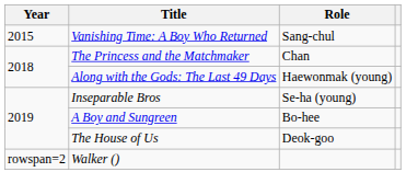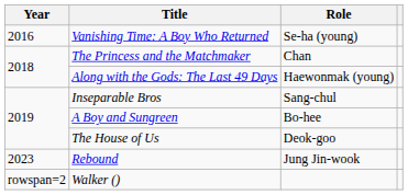 <table class="wikitable">
 <tr>
 <th>Year</th>
 <th>Title</th>
 <th>Role</th>
 <th></th>
 </tr>
 <tr>
-<td>2015</td>
+<td>2016</td>
 <td><em><a href='#'>Vanishing Time: A Boy Who Returned</a></em></td>
-<td>Sang-chul</td>
+<td>Se-ha (young)</td>
 <td align="center"></td>
 </tr>
 <tr>
 <td rowspan="2">2018</td>
 <td><em><a href='#'>The Princess and the Matchmaker</a></em></td>
 <td>Chan</td>
 <td align="center"></td>
 </tr>
 <tr>
 <td><em><a href='#'>Along with the Gods: The Last 49 Days</a></em></td>
 <td>Haewonmak (young)</td>
 <td align="center"></td>
 </tr>
 <tr>
 <td rowspan="3">2019</td>
 <td><em>Inseparable Bros</em></td>
-<td>Se-ha (young)</td>
+<td>Sang-chul</td>
 <td align="center"></td>
 </tr>
 <tr>
 <td><em><a href='#'>A Boy and Sungreen</a></em></td>
 <td>Bo-hee</td>
 <td align="center"></td>
 </tr>
 <tr>
 <td><em>The House of Us</em></td>
 <td>Deok-goo</td>
 <td align="center"></td>
 </tr>
 <tr>
+<td>2023</td>
+<td><em><a href='#'>Rebound</a></em></td>
+<td>Jung Jin-wook</td>
+<td align="center"></td>
+</tr>
+<tr>
 <td>rowspan=2 </td>
 <td><em>Walker ()</em></td>
 <td></td>
 <td align="center"></td>
 </tr>
 </table>
